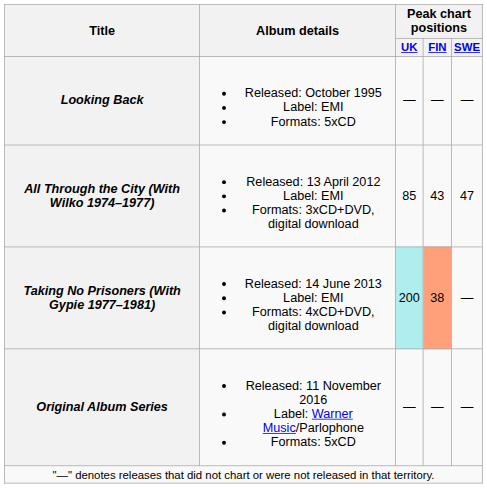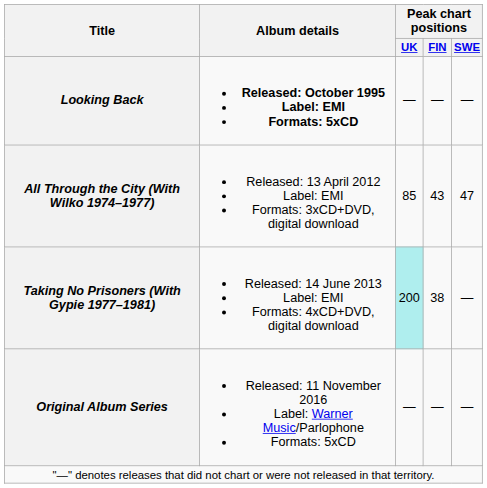 <table class="wikitable plainrowheaders" style="text-align:center;">
 <tr>
 <th rowspan="2" scope="col" style="width:15em;">Title</th>
 <th rowspan="2" scope="col" style="width:15em;">Album details</th>
 <th colspan="3">Peak chart positions</th>
 </tr>
 <tr>
 <th scope="col" style="width:2em;font-size:90%;"><a href='#'>UK</a><br></th>
 <th scope="col" style="width:2em;font-size:90%;"><a href='#'>FIN</a><br></th>
 <th scope="col" style="width:2em;font-size:90%;"><a href='#'>SWE</a><br></th>
 </tr>
 <tr>
 <th scope="row"><em>Looking Back</em></th>
-<td><br><ul><li>Released: October 1995</li><li>Label: EMI</li><li>Formats: 5xCD</li></ul></td>
+<td><strong><br><ul><li>Released: October 1995</li><li>Label: EMI</li><li>Formats: 5xCD</li></ul></strong></td>
 <td>—</td>
 <td>—</td>
 <td>—</td>
 </tr>
 <tr>
 <th scope="row"><em>All Through the City (With Wilko 1974–1977)</em></th>
 <td><br><ul><li>Released: 13 April 2012</li><li>Label: EMI</li><li>Formats: 3xCD+DVD, digital download</li></ul></td>
 <td>85</td>
 <td>43</td>
 <td>47</td>
 </tr>
 <tr>
 <th scope="row"><em>Taking No Prisoners (With Gypie 1977–1981)</em></th>
 <td><br><ul><li>Released: 14 June 2013</li><li>Label: EMI</li><li>Formats: 4xCD+DVD, digital download</li></ul></td>
 <td style="background: paleturquoise;">200</td>
-<td style="background: lightsalmon;">38</td>
+<td>38</td>
 <td>—</td>
 </tr>
 <tr>
 <th scope="row"><em>Original Album Series</em></th>
 <td><br><ul><li>Released: 11 November 2016</li><li>Label: <a href='#'>Warner Music</a>/Parlophone</li><li>Formats: 5xCD</li></ul></td>
 <td>—</td>
 <td>—</td>
 <td>—</td>
 </tr>
 <tr>
 <td colspan="5" style="font-size:90%">"—" denotes releases that did not chart or were not released in that territory.</td>
 </tr>
 </table>
